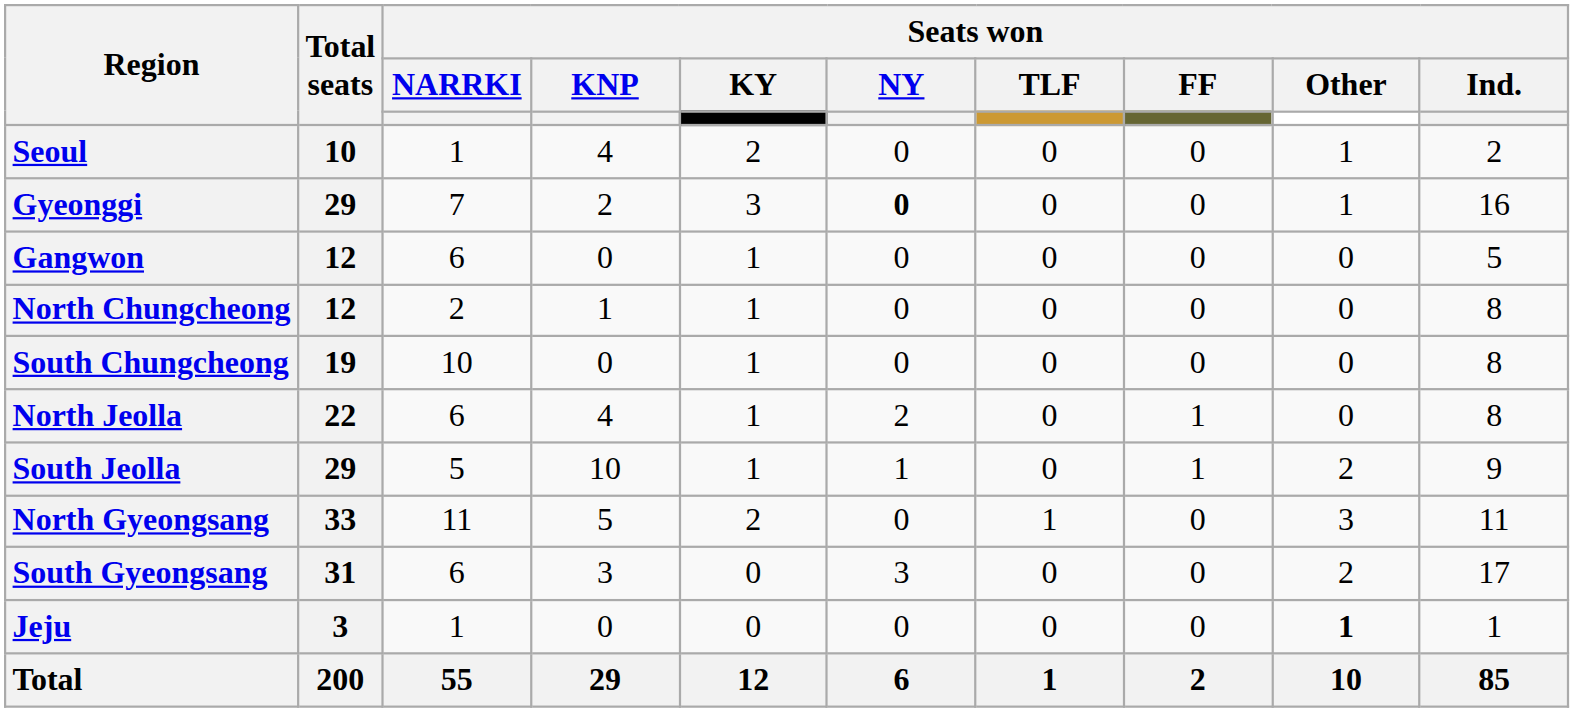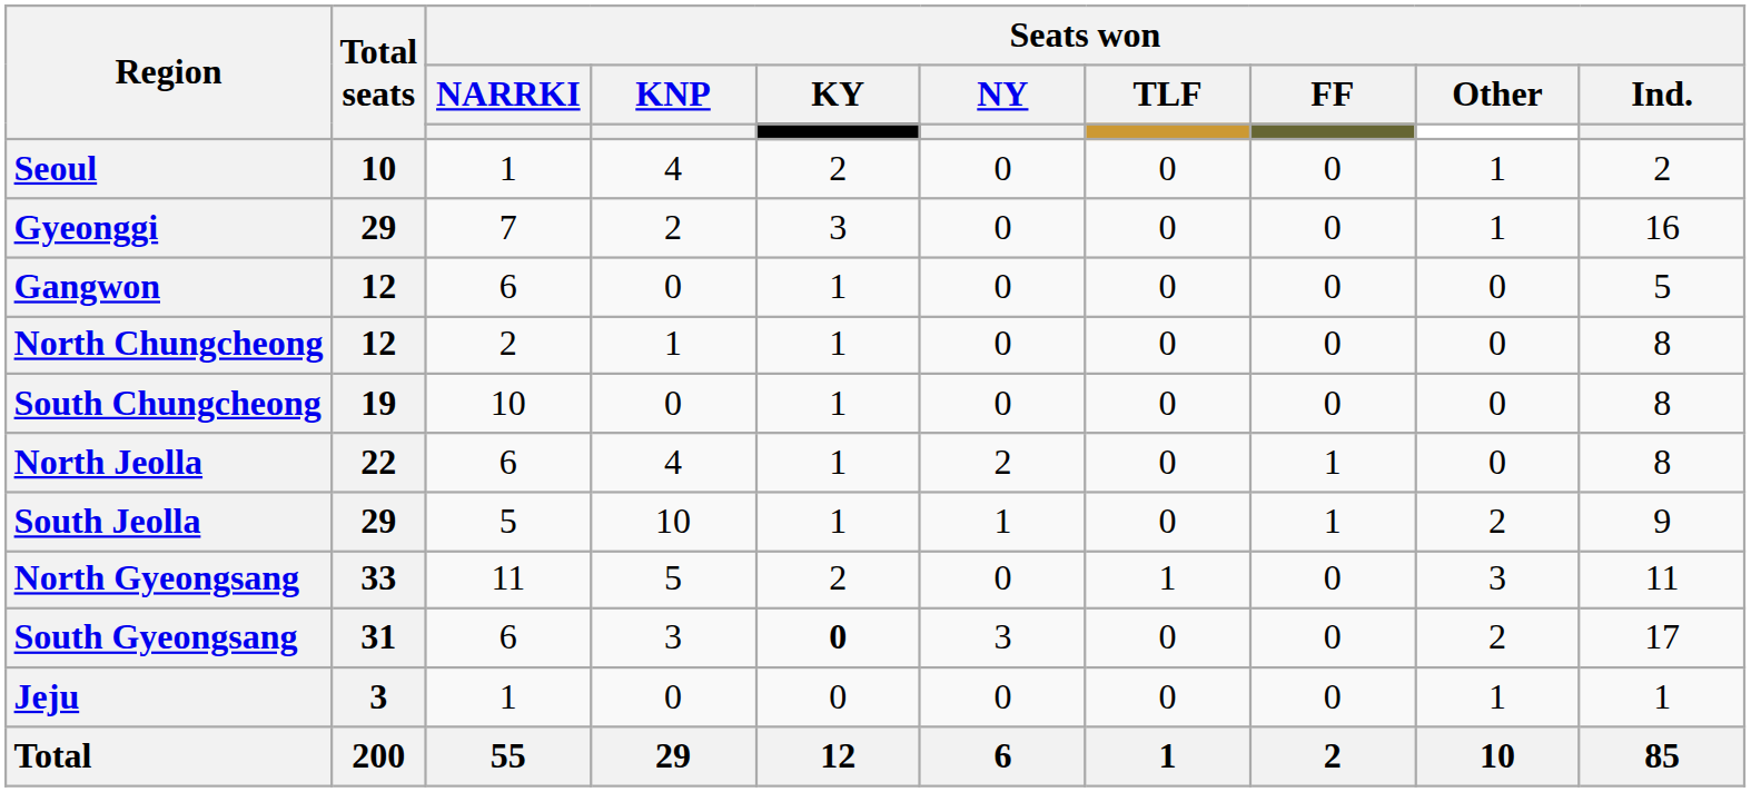 <table class="wikitable" style="text-align:center; font-size: 0.9em;">
 <tr>
 <th rowspan="3">Region</th>
 <th rowspan="3">Total<br>seats</th>
 <th colspan="8">Seats won</th>
 </tr>
 <tr>
 <th class="unsortable" style="width:60px;"><a href='#'>NARRKI</a></th>
 <th class="unsortable" style="width:60px;"><a href='#'>KNP</a></th>
 <th class="unsortable" style="width:60px;">KY</th>
 <th class="unsortable" style="width:60px;"><a href='#'>NY</a></th>
 <th class="unsortable" style="width:60px;">TLF</th>
 <th class="unsortable" style="width:60px;">FF</th>
 <th class="unsortable" style="width:60px;">Other</th>
 <th class="unsortable" style="width:60px;">Ind.</th>
 </tr>
 <tr>
 <th style="background:"></th>
 <th style="background:"></th>
 <th style="background:#000;"></th>
 <th style="background:"></th>
 <th style="background:#c93;"></th>
 <th style="background:#663;"></th>
 <th style="background:white;"></th>
 <th style="background:"></th>
 </tr>
 <tr>
 <th style="text-align: left;"><a href='#'>Seoul</a></th>
 <th>10</th>
 <td>1</td>
 <td>4</td>
 <td>2</td>
 <td>0</td>
 <td>0</td>
 <td>0</td>
 <td>1</td>
 <td>2</td>
 </tr>
 <tr>
 <th style="text-align: left;"><a href='#'>Gyeonggi</a></th>
 <th>29</th>
 <td>7</td>
 <td>2</td>
 <td>3</td>
-<td><strong>0</strong></td>
+<td>0</td>
 <td>0</td>
 <td>0</td>
 <td>1</td>
 <td>16</td>
 </tr>
 <tr>
 <th style="text-align: left;"><a href='#'>Gangwon</a></th>
 <th>12</th>
 <td>6</td>
 <td>0</td>
 <td>1</td>
 <td>0</td>
 <td>0</td>
 <td>0</td>
 <td>0</td>
 <td>5</td>
 </tr>
 <tr>
 <th style="text-align: left;"><a href='#'>North Chungcheong</a></th>
 <th>12</th>
 <td>2</td>
 <td>1</td>
 <td>1</td>
 <td>0</td>
 <td>0</td>
 <td>0</td>
 <td>0</td>
 <td>8</td>
 </tr>
 <tr>
 <th style="text-align: left;"><a href='#'>South Chungcheong</a></th>
 <th>19</th>
 <td>10</td>
 <td>0</td>
 <td>1</td>
 <td>0</td>
 <td>0</td>
 <td>0</td>
 <td>0</td>
 <td>8</td>
 </tr>
 <tr>
 <th style="text-align: left;"><a href='#'>North Jeolla</a></th>
 <th>22</th>
 <td>6</td>
 <td>4</td>
 <td>1</td>
 <td>2</td>
 <td>0</td>
 <td>1</td>
 <td>0</td>
 <td>8</td>
 </tr>
 <tr>
 <th style="text-align: left;"><a href='#'>South Jeolla</a></th>
 <th>29</th>
 <td>5</td>
 <td>10</td>
 <td>1</td>
 <td>1</td>
 <td>0</td>
 <td>1</td>
 <td>2</td>
 <td>9</td>
 </tr>
 <tr>
 <th style="text-align: left;"><a href='#'>North Gyeongsang</a></th>
 <th>33</th>
 <td>11</td>
 <td>5</td>
 <td>2</td>
 <td>0</td>
 <td>1</td>
 <td>0</td>
 <td>3</td>
 <td>11</td>
 </tr>
 <tr>
 <th style="text-align: left;"><a href='#'>South Gyeongsang</a></th>
 <th>31</th>
 <td>6</td>
 <td>3</td>
-<td>0</td>
+<td><strong>0</strong></td>
 <td>3</td>
 <td>0</td>
 <td>0</td>
 <td>2</td>
 <td>17</td>
 </tr>
 <tr>
 <th style="text-align: left;"><a href='#'>Jeju</a></th>
 <th>3</th>
 <td>1</td>
 <td>0</td>
 <td>0</td>
 <td>0</td>
 <td>0</td>
 <td>0</td>
-<td><strong>1</strong></td>
+<td>1</td>
 <td>1</td>
 </tr>
 <tr class="sortbottom">
 <th style="text-align: left;">Total</th>
 <th>200</th>
 <th>55</th>
 <th>29</th>
 <th>12</th>
 <th>6</th>
 <th>1</th>
 <th>2</th>
 <th>10</th>
 <th>85</th>
 </tr>
 </table>
